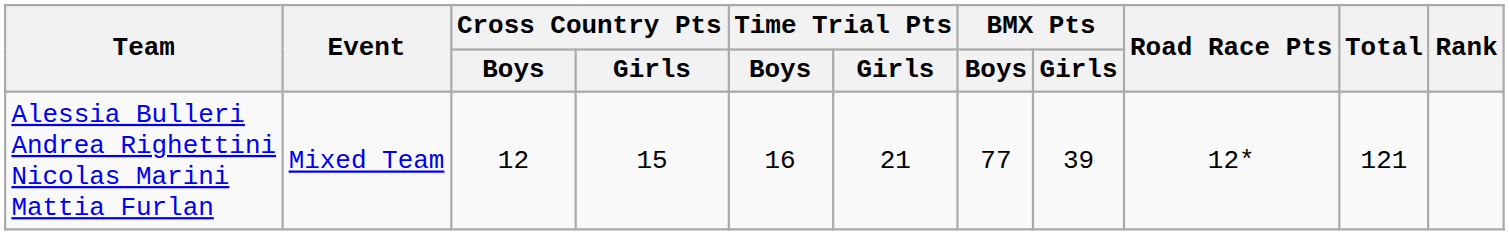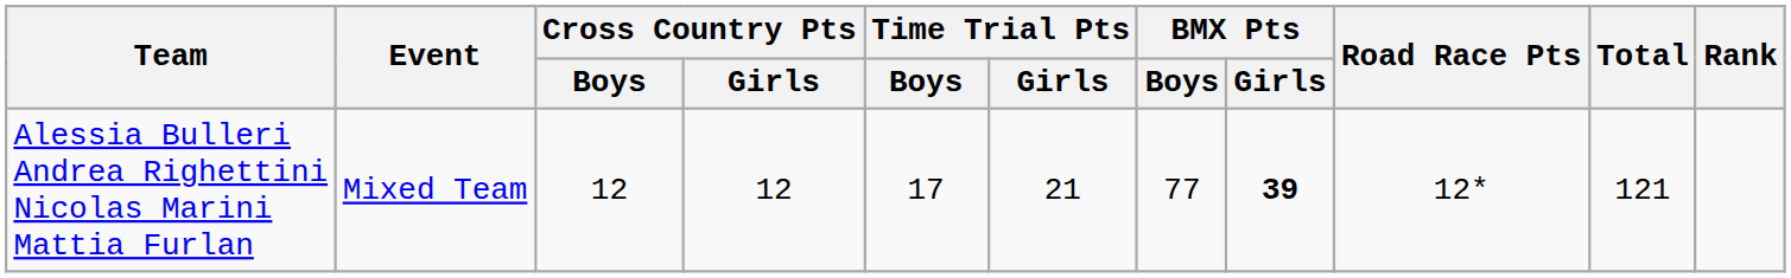 <table class="wikitable" border="1" style="font-size:90%">
 <tr>
 <th rowspan=2>Team</th>
 <th rowspan=2>Event</th>
 <th colspan=2>Cross Country Pts</th>
 <th colspan=2>Time Trial Pts</th>
 <th colspan=2>BMX Pts</th>
 <th rowspan=2>Road Race Pts</th>
 <th rowspan=2>Total</th>
 <th rowspan=2>Rank</th>
 </tr>
 <tr>
 <th>Boys</th>
 <th>Girls</th>
 <th>Boys</th>
 <th>Girls</th>
 <th>Boys</th>
 <th>Girls</th>
 </tr>
 <tr>
 <td><a href='#'>Alessia Bulleri</a><br><a href='#'>Andrea Righettini</a><br><a href='#'>Nicolas Marini</a><br><a href='#'>Mattia Furlan</a></td>
 <td><a href='#'>Mixed Team</a></td>
 <td align=center>12</td>
-<td align=center>15</td>
-<td align=center>16</td>
+<td align=center>12</td>
+<td align=center>17</td>
 <td align=center>21</td>
 <td align=center>77</td>
-<td align=center>39</td>
+<td align=center><strong>39</strong></td>
 <td align=center>12*</td>
 <td align=center>121</td>
 <td align=center></td>
 </tr>
 </table>
